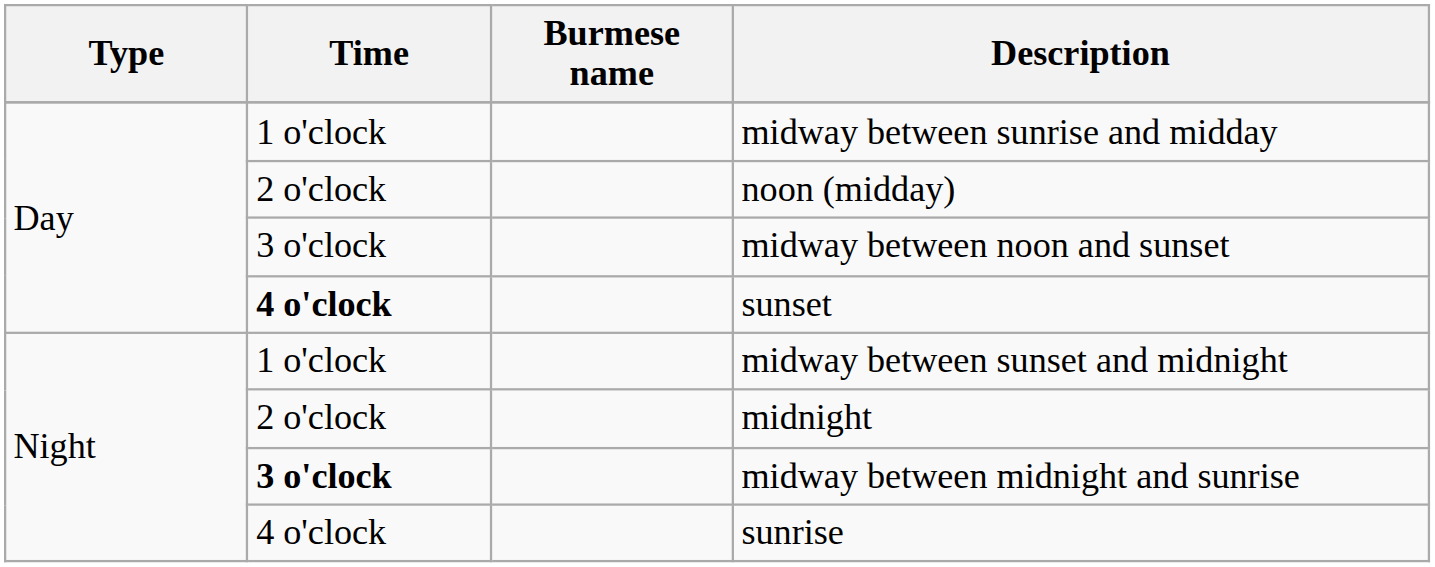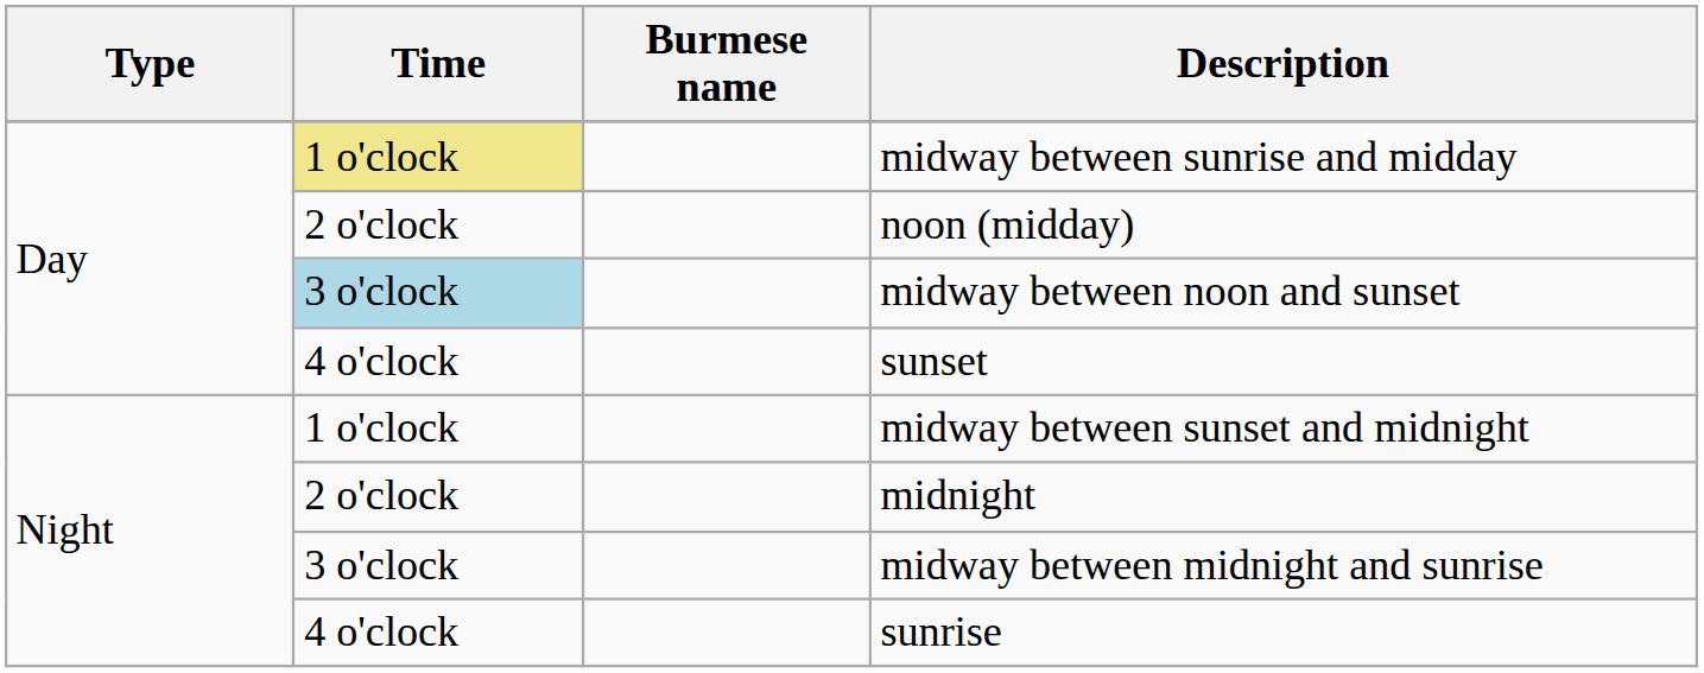 <table class="wikitable">
 <tr>
 <th width="100">Type</th>
 <th width="100">Time</th>
 <th width="100">Burmese name</th>
 <th width="300">Description</th>
 </tr>
 <tr>
 </tr>
 <tr>
 <td rowspan=4>Day</td>
-<td>1 o'clock</td>
+<td style="background: khaki;">1 o'clock</td>
 <td></td>
 <td>midway between sunrise and midday</td>
 </tr>
 <tr>
 <td>2 o'clock</td>
 <td></td>
 <td>noon (midday)</td>
 </tr>
 <tr>
-<td>3 o'clock</td>
+<td style="background: lightblue;">3 o'clock</td>
 <td></td>
 <td>midway between noon and sunset</td>
 </tr>
 <tr>
-<td><strong>4 o'clock</strong></td>
+<td>4 o'clock</td>
 <td></td>
 <td>sunset</td>
 </tr>
 <tr>
 <td rowspan=4>Night</td>
 <td>1 o'clock</td>
 <td></td>
 <td>midway between sunset and midnight</td>
 </tr>
 <tr>
 <td>2 o'clock</td>
 <td></td>
 <td>midnight</td>
 </tr>
 <tr>
-<td><strong>3 o'clock</strong></td>
+<td>3 o'clock</td>
 <td></td>
 <td>midway between midnight and sunrise</td>
 </tr>
 <tr>
 <td>4 o'clock</td>
 <td></td>
 <td>sunrise</td>
 </tr>
 </table>
